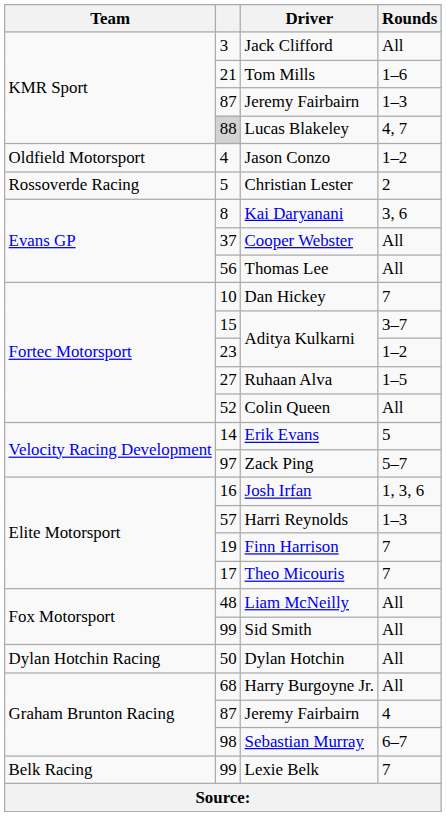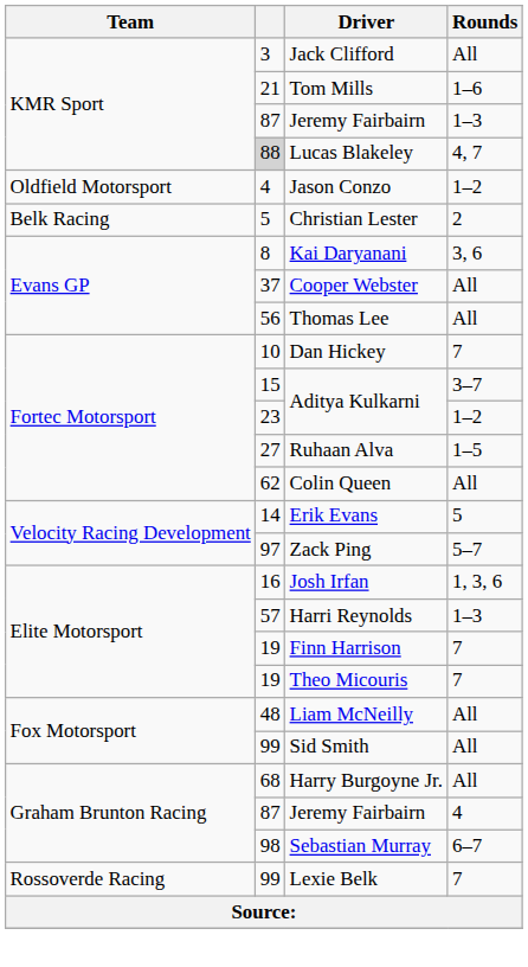 <table class="wikitable" style="font-size: 85%;">
 <tr>
 <th>Team</th>
 <th></th>
 <th>Driver</th>
 <th>Rounds</th>
 </tr>
 <tr>
 <td rowspan=4> KMR Sport</td>
 <td>3</td>
 <td> Jack Clifford</td>
 <td>All</td>
 </tr>
 <tr>
 <td>21</td>
 <td> Tom Mills</td>
 <td>1–6</td>
 </tr>
 <tr>
 <td>87</td>
 <td> Jeremy Fairbairn</td>
 <td>1–3</td>
 </tr>
 <tr>
 <td style="background: lightgrey;">88</td>
 <td> Lucas Blakeley</td>
 <td>4, 7</td>
 </tr>
 <tr>
 <td> Oldfield Motorsport</td>
 <td>4</td>
 <td> Jason Conzo</td>
 <td>1–2</td>
 </tr>
 <tr>
-<td> Rossoverde Racing</td>
+<td> Belk Racing</td>
 <td>5</td>
 <td> Christian Lester</td>
 <td>2</td>
 </tr>
 <tr>
 <td rowspan=3> <a href='#'>Evans GP</a></td>
 <td>8</td>
 <td> <a href='#'>Kai Daryanani</a></td>
 <td>3, 6</td>
 </tr>
 <tr>
 <td>37</td>
 <td> <a href='#'>Cooper Webster</a></td>
 <td>All</td>
 </tr>
 <tr>
 <td>56</td>
 <td> Thomas Lee</td>
 <td>All</td>
 </tr>
 <tr>
 <td rowspan="5"> <a href='#'>Fortec Motorsport</a></td>
 <td>10</td>
 <td> Dan Hickey</td>
 <td>7</td>
 </tr>
 <tr>
 <td>15</td>
 <td rowspan="2"> Aditya Kulkarni</td>
 <td>3–7</td>
 </tr>
 <tr>
 <td>23</td>
 <td>1–2</td>
 </tr>
 <tr>
 <td>27</td>
 <td> Ruhaan Alva</td>
 <td>1–5</td>
 </tr>
 <tr>
-<td>52</td>
+<td>62</td>
 <td> Colin Queen</td>
 <td>All</td>
 </tr>
 <tr>
 <td rowspan=2> <a href='#'>Velocity Racing Development</a></td>
 <td>14</td>
 <td> <a href='#'>Erik Evans</a></td>
 <td>5</td>
 </tr>
 <tr>
 <td>97</td>
 <td> Zack Ping</td>
 <td>5–7</td>
 </tr>
 <tr>
 <td rowspan=4> Elite Motorsport</td>
 <td>16</td>
 <td> <a href='#'>Josh Irfan</a></td>
 <td>1, 3, 6</td>
 </tr>
 <tr>
 <td>57</td>
 <td> Harri Reynolds</td>
 <td>1–3</td>
 </tr>
 <tr>
 <td>19</td>
 <td> <a href='#'>Finn Harrison</a></td>
 <td>7</td>
 </tr>
 <tr>
-<td>17</td>
+<td>19</td>
 <td> <a href='#'>Theo Micouris</a></td>
 <td>7</td>
 </tr>
 <tr>
 <td rowspan=2> Fox Motorsport</td>
 <td>48</td>
 <td> <a href='#'>Liam McNeilly</a></td>
 <td>All</td>
 </tr>
 <tr>
 <td>99</td>
 <td> Sid Smith</td>
-<td>All</td>
-</tr>
-<tr>
-<td> Dylan Hotchin Racing</td>
-<td>50</td>
-<td> Dylan Hotchin</td>
 <td>All</td>
 </tr>
 <tr>
 <td nowrap rowspan=3> Graham Brunton Racing</td>
 <td>68</td>
 <td nowrap> Harry Burgoyne Jr.</td>
 <td>All</td>
 </tr>
 <tr>
 <td>87</td>
 <td> Jeremy Fairbairn</td>
 <td>4</td>
 </tr>
 <tr>
 <td>98</td>
 <td> <a href='#'>Sebastian Murray</a></td>
 <td>6–7</td>
 </tr>
 <tr>
-<td> Belk Racing</td>
+<td> Rossoverde Racing</td>
 <td>99</td>
 <td> Lexie Belk</td>
 <td>7</td>
 </tr>
 <tr>
 <th colspan=4>Source:</th>
 </tr>
 <tr>
 </tr>
 </table>
